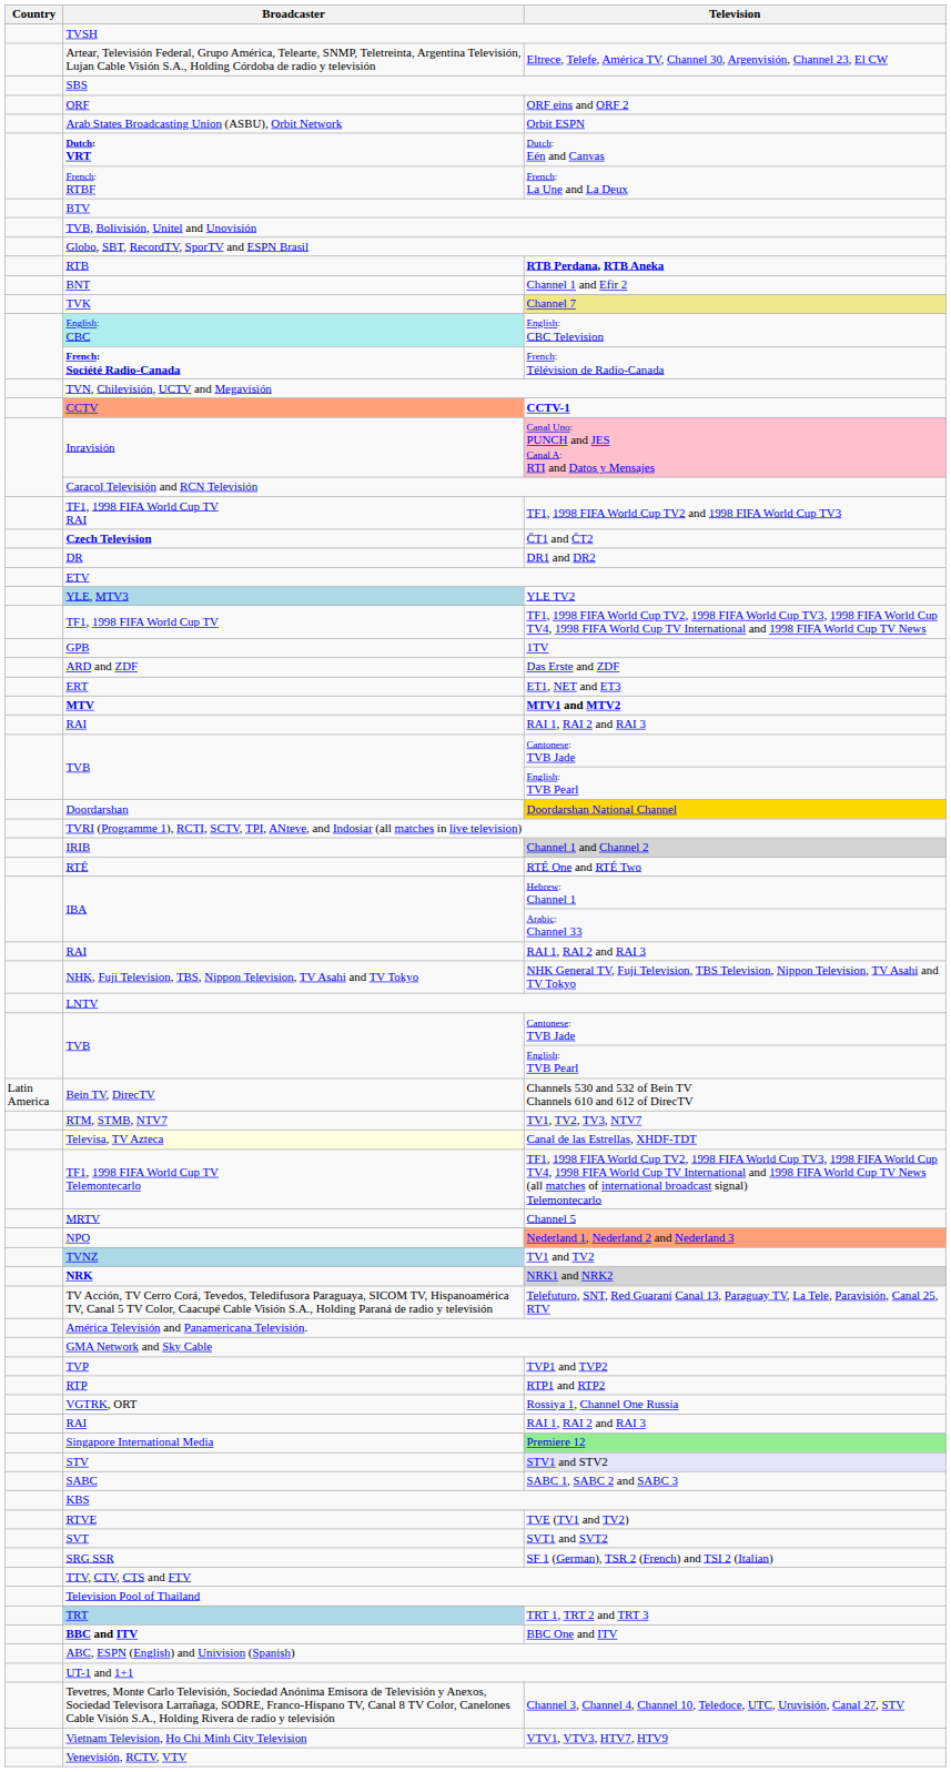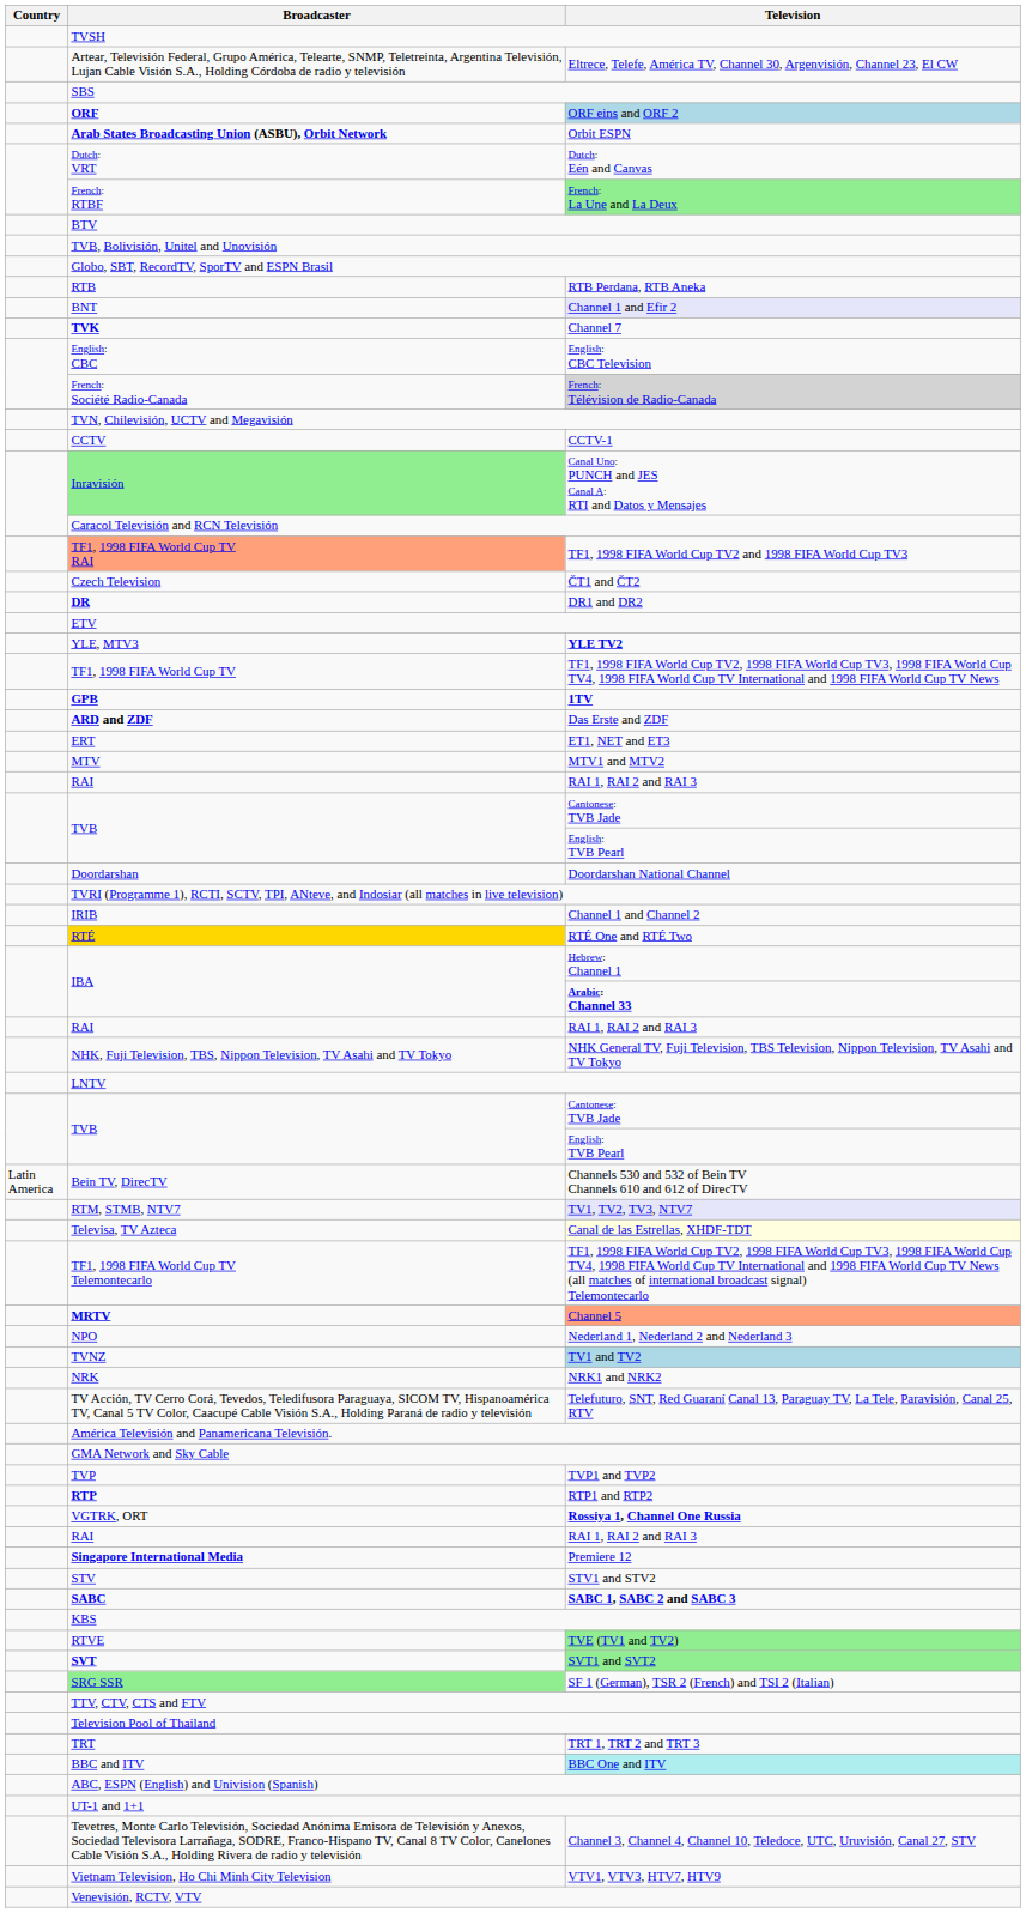 <table class="wikitable" border="1">
 <tr>
 <th>Country</th>
 <th>Broadcaster</th>
 <th>Television</th>
 </tr>
 <tr>
 <td></td>
 <td colspan=2><a href='#'>TVSH</a></td>
 </tr>
 <tr>
 <td></td>
 <td>Artear, Televisión Federal, Grupo América, Telearte, SNMP, Teletreinta, Argentina Televisión, Lujan Cable Visión S.A., Holding Córdoba de radio y televisión</td>
 <td><a href='#'>Eltrece</a>, <a href='#'>Telefe</a>, <a href='#'>América TV</a>, <a href='#'>Channel 30</a>, <a href='#'>Argenvisión</a>, <a href='#'>Channel 23</a>, <a href='#'>El CW</a></td>
 </tr>
 <tr>
 <td></td>
 <td colspan=2><a href='#'>SBS</a></td>
 </tr>
 <tr>
 <td></td>
-<td><a href='#'>ORF</a></td>
-<td><a href='#'>ORF eins</a> and <a href='#'>ORF 2</a></td>
+<td><strong><a href='#'>ORF</a></strong></td>
+<td style="background: lightblue;"><a href='#'>ORF eins</a> and <a href='#'>ORF 2</a></td>
 </tr>
 <tr>
 <td></td>
-<td><a href='#'>Arab States Broadcasting Union</a> (ASBU), <a href='#'>Orbit Network</a></td>
+<td><strong><a href='#'>Arab States Broadcasting Union</a> (ASBU), <a href='#'>Orbit Network</a></strong></td>
 <td><a href='#'>Orbit ESPN</a></td>
 </tr>
 <tr>
 <td rowspan=2></td>
-<td><strong><small><a href='#'>Dutch</a>:</small><br><a href='#'>VRT</a></strong></td>
+<td><small><a href='#'>Dutch</a>:</small><br><a href='#'>VRT</a></td>
 <td><small><a href='#'>Dutch</a>:</small><br><a href='#'>Eén</a> and <a href='#'>Canvas</a></td>
 </tr>
 <tr>
 <td><small><a href='#'>French</a>:</small><br><a href='#'>RTBF</a></td>
-<td><small><a href='#'>French</a>:</small><br><a href='#'>La Une</a> and <a href='#'>La Deux</a></td>
+<td style="background: lightgreen;"><small><a href='#'>French</a>:</small><br><a href='#'>La Une</a> and <a href='#'>La Deux</a></td>
 </tr>
 <tr>
 <td></td>
 <td colspan=2><a href='#'>BTV</a></td>
 </tr>
 <tr>
 <td></td>
 <td colspan=2><a href='#'>TVB</a>, <a href='#'>Bolivisión</a>, <a href='#'>Unitel</a> and <a href='#'>Unovisión</a></td>
 </tr>
 <tr>
 <td></td>
 <td colspan="2"><a href='#'>Globo</a>, <a href='#'>SBT</a>, <a href='#'>RecordTV</a>, <a href='#'>SporTV</a> and <a href='#'>ESPN Brasil</a></td>
 </tr>
 <tr>
 <td></td>
 <td><a href='#'>RTB</a></td>
-<td><strong><a href='#'>RTB Perdana</a>, <a href='#'>RTB Aneka</a></strong></td>
+<td><a href='#'>RTB Perdana</a>, <a href='#'>RTB Aneka</a></td>
 </tr>
 <tr>
 <td></td>
 <td><a href='#'>BNT</a></td>
-<td><a href='#'>Channel 1</a> and <a href='#'>Efir 2</a></td>
+<td style="background: lavender;"><a href='#'>Channel 1</a> and <a href='#'>Efir 2</a></td>
 </tr>
 <tr>
 <td></td>
-<td><a href='#'>TVK</a></td>
-<td style="background: khaki;"><a href='#'>Channel 7</a></td>
+<td><strong><a href='#'>TVK</a></strong></td>
+<td><a href='#'>Channel 7</a></td>
 </tr>
 <tr>
 <td rowspan=2></td>
-<td style="background: paleturquoise;"><small><a href='#'>English</a>:</small><br><a href='#'>CBC</a></td>
+<td><small><a href='#'>English</a>:</small><br><a href='#'>CBC</a></td>
 <td><small><a href='#'>English</a>:</small><br><a href='#'>CBC Television</a></td>
 </tr>
 <tr>
-<td><strong><small><a href='#'>French</a>:</small><br><a href='#'>Société Radio-Canada</a></strong></td>
-<td><small><a href='#'>French</a>:</small><br><a href='#'>Télévision de Radio-Canada</a></td>
+<td><small><a href='#'>French</a>:</small><br><a href='#'>Société Radio-Canada</a></td>
+<td style="background: lightgrey;"><small><a href='#'>French</a>:</small><br><a href='#'>Télévision de Radio-Canada</a></td>
 </tr>
 <tr>
 <td></td>
 <td colspan=2><a href='#'>TVN</a>, <a href='#'>Chilevisión</a>, <a href='#'>UCTV</a> and <a href='#'>Megavisión</a></td>
 </tr>
 <tr>
 <td></td>
-<td style="background: lightsalmon;"><a href='#'>CCTV</a></td>
-<td><strong><a href='#'>CCTV-1</a></strong></td>
+<td><a href='#'>CCTV</a></td>
+<td><a href='#'>CCTV-1</a></td>
 </tr>
 <tr>
 <td rowspan=2></td>
-<td><a href='#'>Inravisión</a></td>
-<td style="background: pink;"><small><a href='#'>Canal Uno</a>:</small><br><a href='#'>PUNCH</a> and <a href='#'>JES</a><br><small><a href='#'>Canal A</a>:</small><br><a href='#'>RTI</a> and <a href='#'>Datos y Mensajes</a></td>
+<td style="background: lightgreen;"><a href='#'>Inravisión</a></td>
+<td><small><a href='#'>Canal Uno</a>:</small><br><a href='#'>PUNCH</a> and <a href='#'>JES</a><br><small><a href='#'>Canal A</a>:</small><br><a href='#'>RTI</a> and <a href='#'>Datos y Mensajes</a></td>
 </tr>
 <tr>
 <td colspan=2><a href='#'>Caracol Televisión</a> and <a href='#'>RCN Televisión</a></td>
 </tr>
 <tr>
 <td></td>
-<td> <a href='#'>TF1</a>, <a href='#'>1998 FIFA World Cup TV</a><br> <a href='#'>RAI</a></td>
+<td style="background: lightsalmon;"> <a href='#'>TF1</a>, <a href='#'>1998 FIFA World Cup TV</a><br> <a href='#'>RAI</a></td>
 <td> <a href='#'>TF1</a>, <a href='#'>1998 FIFA World Cup TV2</a> and <a href='#'>1998 FIFA World Cup TV3</a></td>
 </tr>
 <tr>
 <td></td>
-<td><strong><a href='#'>Czech Television</a></strong></td>
+<td><a href='#'>Czech Television</a></td>
 <td><a href='#'>ČT1</a> and <a href='#'>ČT2</a></td>
 </tr>
 <tr>
 <td></td>
-<td><a href='#'>DR</a></td>
+<td><strong><a href='#'>DR</a></strong></td>
 <td><a href='#'>DR1</a> and <a href='#'>DR2</a></td>
 </tr>
 <tr>
 <td></td>
 <td colspan=2><a href='#'>ETV</a></td>
 </tr>
 <tr>
 <td></td>
-<td style="background: lightblue;"><a href='#'>YLE</a>, <a href='#'>MTV3</a></td>
-<td><a href='#'>YLE TV2</a></td>
+<td><a href='#'>YLE</a>, <a href='#'>MTV3</a></td>
+<td><strong><a href='#'>YLE TV2</a></strong></td>
 </tr>
 <tr>
 <td></td>
 <td><a href='#'>TF1</a>, <a href='#'>1998 FIFA World Cup TV</a></td>
 <td><a href='#'>TF1</a>, <a href='#'>1998 FIFA World Cup TV2</a>, <a href='#'>1998 FIFA World Cup TV3</a>, <a href='#'>1998 FIFA World Cup TV4</a>, <a href='#'>1998 FIFA World Cup TV International</a> and <a href='#'>1998 FIFA World Cup TV News</a></td>
 </tr>
 <tr>
 <td></td>
-<td><a href='#'>GPB</a></td>
-<td><a href='#'>1TV</a></td>
+<td><strong><a href='#'>GPB</a></strong></td>
+<td><strong><a href='#'>1TV</a></strong></td>
 </tr>
 <tr>
 <td></td>
-<td><a href='#'>ARD</a> and <a href='#'>ZDF</a></td>
+<td><strong><a href='#'>ARD</a> and <a href='#'>ZDF</a></strong></td>
 <td><a href='#'>Das Erste</a> and <a href='#'>ZDF</a></td>
 </tr>
 <tr>
 <td></td>
 <td><a href='#'>ERT</a></td>
 <td><a href='#'>ET1</a>, <a href='#'>NET</a> and <a href='#'>ET3</a></td>
 </tr>
 <tr>
 <td></td>
-<td><strong><a href='#'>MTV</a></strong></td>
-<td><strong><a href='#'>MTV1</a> and <a href='#'>MTV2</a></strong></td>
+<td><a href='#'>MTV</a></td>
+<td><a href='#'>MTV1</a> and <a href='#'>MTV2</a></td>
 </tr>
 <tr>
 <td></td>
 <td> <a href='#'>RAI</a></td>
 <td> <a href='#'>RAI 1</a>, <a href='#'>RAI 2</a> and <a href='#'>RAI 3</a></td>
 </tr>
 <tr>
 <td rowspan=2></td>
 <td rowspan=2><a href='#'>TVB</a></td>
 <td><small><a href='#'>Cantonese</a>:</small><br><a href='#'>TVB Jade</a></td>
 </tr>
 <tr>
 <td><small><a href='#'>English</a>:</small><br><a href='#'>TVB Pearl</a></td>
 </tr>
 <tr>
 <td></td>
 <td><a href='#'>Doordarshan</a></td>
-<td style="background: gold;"><a href='#'>Doordarshan National Channel</a></td>
+<td><a href='#'>Doordarshan National Channel</a></td>
 </tr>
 <tr>
 <td></td>
 <td colspan=2><a href='#'>TVRI</a> (<a href='#'>Programme 1</a>), <a href='#'>RCTI</a>, <a href='#'>SCTV</a>, <a href='#'>TPI</a>, <a href='#'>ANteve</a>, and <a href='#'>Indosiar</a> (all <a href='#'>matches</a> in <a href='#'>live television</a>)</td>
 </tr>
 <tr>
 <td></td>
 <td><a href='#'>IRIB</a></td>
-<td style="background: lightgrey;"><a href='#'>Channel 1</a> and <a href='#'>Channel 2</a></td>
+<td><a href='#'>Channel 1</a> and <a href='#'>Channel 2</a></td>
 </tr>
 <tr>
 <td></td>
-<td><a href='#'>RTÉ</a></td>
+<td style="background: gold;"><a href='#'>RTÉ</a></td>
 <td><a href='#'>RTÉ One</a> and <a href='#'>RTÉ Two</a></td>
 </tr>
 <tr>
 <td rowspan=2></td>
 <td rowspan=2><a href='#'>IBA</a></td>
 <td><small><a href='#'>Hebrew</a>:</small><br><a href='#'>Channel 1</a></td>
 </tr>
 <tr>
-<td><small><a href='#'>Arabic</a>:</small><br><a href='#'>Channel 33</a></td>
+<td><strong><small><a href='#'>Arabic</a>:</small><br><a href='#'>Channel 33</a></strong></td>
 </tr>
 <tr>
 <td></td>
 <td><a href='#'>RAI</a></td>
 <td><a href='#'>RAI 1</a>, <a href='#'>RAI 2</a> and <a href='#'>RAI 3</a></td>
 </tr>
 <tr>
 <td></td>
 <td><a href='#'>NHK</a>, <a href='#'>Fuji Television</a>, <a href='#'>TBS</a>, <a href='#'>Nippon Television</a>, <a href='#'>TV Asahi</a> and <a href='#'>TV Tokyo</a></td>
 <td><a href='#'>NHK General TV</a>, <a href='#'>Fuji Television</a>, <a href='#'>TBS Television</a>, <a href='#'>Nippon Television</a>, <a href='#'>TV Asahi</a> and <a href='#'>TV Tokyo</a></td>
 </tr>
 <tr>
 <td></td>
 <td colspan=2><a href='#'>LNTV</a></td>
 </tr>
 <tr>
 <td rowspan=2></td>
 <td rowspan=2><a href='#'>TVB</a></td>
 <td><small><a href='#'>Cantonese</a>:</small><br><a href='#'>TVB Jade</a></td>
 </tr>
 <tr>
 <td><small><a href='#'>English</a>:</small><br><a href='#'>TVB Pearl</a></td>
 </tr>
 <tr>
 <td>Latin America</td>
 <td><a href='#'>Bein TV</a>, <a href='#'>DirecTV</a></td>
 <td>Channels 530 and 532 of Bein TV<br>Channels 610 and 612 of DirecTV</td>
 </tr>
 <tr>
 <td></td>
 <td><a href='#'>RTM</a>, <a href='#'>STMB</a>, <a href='#'>NTV7</a></td>
-<td><a href='#'>TV1</a>, <a href='#'>TV2</a>, <a href='#'>TV3</a>, <a href='#'>NTV7</a></td>
+<td style="background: lavender;"><a href='#'>TV1</a>, <a href='#'>TV2</a>, <a href='#'>TV3</a>, <a href='#'>NTV7</a></td>
 </tr>
 <tr>
 <td></td>
-<td style="background: lightyellow;"><a href='#'>Televisa</a>, <a href='#'>TV Azteca</a></td>
-<td><a href='#'>Canal de las Estrellas</a>, <a href='#'>XHDF-TDT</a></td>
+<td><a href='#'>Televisa</a>, <a href='#'>TV Azteca</a></td>
+<td style="background: lightyellow;"><a href='#'>Canal de las Estrellas</a>, <a href='#'>XHDF-TDT</a></td>
 </tr>
 <tr>
 <td></td>
 <td> <a href='#'>TF1</a>, <a href='#'>1998 FIFA World Cup TV</a><br> <a href='#'>Telemontecarlo</a></td>
 <td> <a href='#'>TF1</a>, <a href='#'>1998 FIFA World Cup TV2</a>, <a href='#'>1998 FIFA World Cup TV3</a>, <a href='#'>1998 FIFA World Cup TV4</a>, <a href='#'>1998 FIFA World Cup TV International</a> and <a href='#'>1998 FIFA World Cup TV News</a> (all <a href='#'>matches</a> of <a href='#'>international broadcast</a> signal)<br> <a href='#'>Telemontecarlo</a></td>
 </tr>
 <tr>
 <td></td>
-<td><a href='#'>MRTV</a></td>
-<td><a href='#'>Channel 5</a></td>
+<td><strong><a href='#'>MRTV</a></strong></td>
+<td style="background: lightsalmon;"><a href='#'>Channel 5</a></td>
 </tr>
 <tr>
 <td></td>
 <td><a href='#'>NPO</a></td>
-<td style="background: lightsalmon;"><a href='#'>Nederland 1</a>, <a href='#'>Nederland 2</a> and <a href='#'>Nederland 3</a></td>
+<td><a href='#'>Nederland 1</a>, <a href='#'>Nederland 2</a> and <a href='#'>Nederland 3</a></td>
 </tr>
 <tr>
 <td></td>
-<td style="background: lightblue;"><a href='#'>TVNZ</a></td>
-<td><a href='#'>TV1</a> and <a href='#'>TV2</a></td>
+<td><a href='#'>TVNZ</a></td>
+<td style="background: lightblue;"><a href='#'>TV1</a> and <a href='#'>TV2</a></td>
 </tr>
 <tr>
 <td></td>
-<td><strong><a href='#'>NRK</a></strong></td>
-<td style="background: lightgrey;"><a href='#'>NRK1</a> and <a href='#'>NRK2</a></td>
+<td><a href='#'>NRK</a></td>
+<td><a href='#'>NRK1</a> and <a href='#'>NRK2</a></td>
 </tr>
 <tr>
 <td></td>
 <td>TV Acción, TV Cerro Corá, Tevedos, Teledifusora Paraguaya, SICOM TV, Hispanoamérica TV, Canal 5 TV Color, Caacupé Cable Visión S.A., Holding Paraná de radio y televisión</td>
 <td colspan="2"><a href='#'>Telefuturo</a>, <a href='#'>SNT</a>, <a href='#'>Red Guaraní</a> <a href='#'>Canal 13</a>, <a href='#'>Paraguay TV</a>, <a href='#'>La Tele</a>, <a href='#'>Paravisión</a>, <a href='#'>Canal 25</a>, <a href='#'>RTV</a></td>
 </tr>
 <tr>
 <td></td>
 <td colspan=2><a href='#'>América Televisión</a> and <a href='#'>Panamericana Televisión</a>.</td>
 </tr>
 <tr>
 <td></td>
 <td colspan=2><a href='#'>GMA Network</a> and <a href='#'>Sky Cable</a></td>
 </tr>
 <tr>
 <td></td>
 <td><a href='#'>TVP</a></td>
 <td><a href='#'>TVP1</a> and <a href='#'>TVP2</a></td>
 </tr>
 <tr>
 <td></td>
-<td><a href='#'>RTP</a></td>
+<td><strong><a href='#'>RTP</a></strong></td>
 <td><a href='#'>RTP1</a> and <a href='#'>RTP2</a></td>
 </tr>
 <tr>
 <td></td>
 <td><a href='#'>VGTRK</a>, ORT</td>
-<td><a href='#'>Rossiya 1</a>, <a href='#'>Channel One Russia</a></td>
+<td><strong><a href='#'>Rossiya 1</a>, <a href='#'>Channel One Russia</a></strong></td>
 </tr>
 <tr>
 <td></td>
 <td> <a href='#'>RAI</a></td>
 <td> <a href='#'>RAI 1</a>, <a href='#'>RAI 2</a> and <a href='#'>RAI 3</a></td>
 </tr>
 <tr>
 <td></td>
-<td><a href='#'>Singapore International Media</a></td>
-<td style="background: lightgreen;"><a href='#'>Premiere 12</a></td>
+<td><strong><a href='#'>Singapore International Media</a></strong></td>
+<td><a href='#'>Premiere 12</a></td>
 </tr>
 <tr>
 <td></td>
 <td><a href='#'>STV</a></td>
-<td style="background: lavender;"><a href='#'>STV1</a> and STV2</td>
+<td><a href='#'>STV1</a> and STV2</td>
 </tr>
 <tr>
 <td></td>
-<td><a href='#'>SABC</a></td>
-<td><a href='#'>SABC 1</a>, <a href='#'>SABC 2</a> and <a href='#'>SABC 3</a></td>
+<td><strong><a href='#'>SABC</a></strong></td>
+<td><strong><a href='#'>SABC 1</a>, <a href='#'>SABC 2</a> and <a href='#'>SABC 3</a></strong></td>
 </tr>
 <tr>
 <td></td>
 <td colspan=2><a href='#'>KBS</a></td>
 </tr>
 <tr>
 <td></td>
 <td><a href='#'>RTVE</a></td>
-<td><a href='#'>TVE</a> (<a href='#'>TV1</a> and <a href='#'>TV2</a>)</td>
+<td style="background: lightgreen;"><a href='#'>TVE</a> (<a href='#'>TV1</a> and <a href='#'>TV2</a>)</td>
 </tr>
 <tr>
 <td></td>
-<td><a href='#'>SVT</a></td>
-<td><a href='#'>SVT1</a> and <a href='#'>SVT2</a></td>
+<td><strong><a href='#'>SVT</a></strong></td>
+<td style="background: lightgreen;"><a href='#'>SVT1</a> and <a href='#'>SVT2</a></td>
 </tr>
 <tr>
 <td></td>
-<td><a href='#'>SRG SSR</a></td>
+<td style="background: lightgreen;"><a href='#'>SRG SSR</a></td>
 <td><a href='#'>SF 1</a> (<a href='#'>German</a>), <a href='#'>TSR 2</a> (<a href='#'>French</a>) and <a href='#'>TSI 2</a> (<a href='#'>Italian</a>)</td>
 </tr>
 <tr>
 <td></td>
 <td colspan=2><a href='#'>TTV</a>, <a href='#'>CTV</a>, <a href='#'>CTS</a> and <a href='#'>FTV</a></td>
 </tr>
 <tr>
 <td></td>
 <td colspan=2><a href='#'>Television Pool of Thailand</a></td>
 </tr>
 <tr>
 <td></td>
-<td style="background: lightblue;"><a href='#'>TRT</a></td>
+<td><a href='#'>TRT</a></td>
 <td><a href='#'>TRT 1</a>, <a href='#'>TRT 2</a> and <a href='#'>TRT 3</a></td>
 </tr>
 <tr>
 <td></td>
-<td><strong><a href='#'>BBC</a> and <a href='#'>ITV</a></strong></td>
-<td><a href='#'>BBC One</a> and <a href='#'>ITV</a></td>
+<td><a href='#'>BBC</a> and <a href='#'>ITV</a></td>
+<td style="background: paleturquoise;"><a href='#'>BBC One</a> and <a href='#'>ITV</a></td>
 </tr>
 <tr>
 <td></td>
 <td colspan=2><a href='#'>ABC</a>, <a href='#'>ESPN</a> (<a href='#'>English</a>) and <a href='#'>Univision</a> (<a href='#'>Spanish</a>)</td>
 </tr>
 <tr>
 <td></td>
 <td colspan=2><a href='#'>UT-1</a> and <a href='#'>1+1</a></td>
 </tr>
 <tr>
 <td></td>
 <td>Tevetres, Monte Carlo Televisión, Sociedad Anónima Emisora de Televisión y Anexos, Sociedad Televisora Larrañaga, SODRE, Franco-Hispano TV, Canal 8 TV Color, Canelones Cable Visión S.A., Holding Rivera de radio y televisión</td>
 <td colspan="2"><a href='#'>Channel 3</a>, <a href='#'>Channel 4</a>, <a href='#'>Channel 10</a>, <a href='#'>Teledoce</a>, <a href='#'>UTC</a>, <a href='#'>Uruvisión</a>, <a href='#'>Canal 27</a>, <a href='#'>STV</a></td>
 </tr>
 <tr>
 <td></td>
 <td><a href='#'>Vietnam Television</a>, <a href='#'>Ho Chi Minh City Television</a></td>
 <td><a href='#'>VTV1</a>, <a href='#'>VTV3</a>, <a href='#'>HTV7</a>, <a href='#'>HTV9</a></td>
 </tr>
 <tr>
 <td></td>
 <td colspan=2><a href='#'>Venevisión</a>, <a href='#'>RCTV</a>, <a href='#'>VTV</a></td>
 </tr>
 </table>
